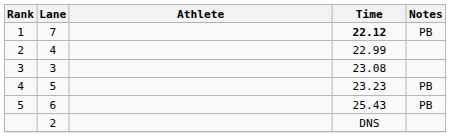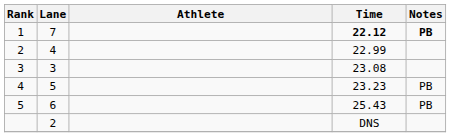 <table class="wikitable" style="text-align:center">
 <tr>
 <th>Rank</th>
 <th>Lane</th>
 <th width=300>Athlete</th>
 <th width=80>Time</th>
 <th>Notes</th>
 </tr>
 <tr>
 <td>1</td>
 <td>7</td>
 <td align=left></td>
 <td><strong>22.12</strong></td>
-<td>PB</td>
+<td><strong>PB</strong></td>
 </tr>
 <tr>
 <td>2</td>
 <td>4</td>
 <td align=left></td>
 <td>22.99</td>
 <td></td>
 </tr>
 <tr>
 <td>3</td>
 <td>3</td>
 <td align=left></td>
 <td>23.08</td>
 <td></td>
 </tr>
 <tr>
 <td>4</td>
 <td>5</td>
 <td align=left></td>
 <td>23.23</td>
 <td>PB</td>
 </tr>
 <tr>
 <td>5</td>
 <td>6</td>
 <td align=left></td>
 <td>25.43</td>
 <td>PB</td>
 </tr>
 <tr>
 <td></td>
 <td>2</td>
 <td align=left></td>
 <td>DNS</td>
 <td></td>
 </tr>
 <tr>
 </tr>
 </table>
